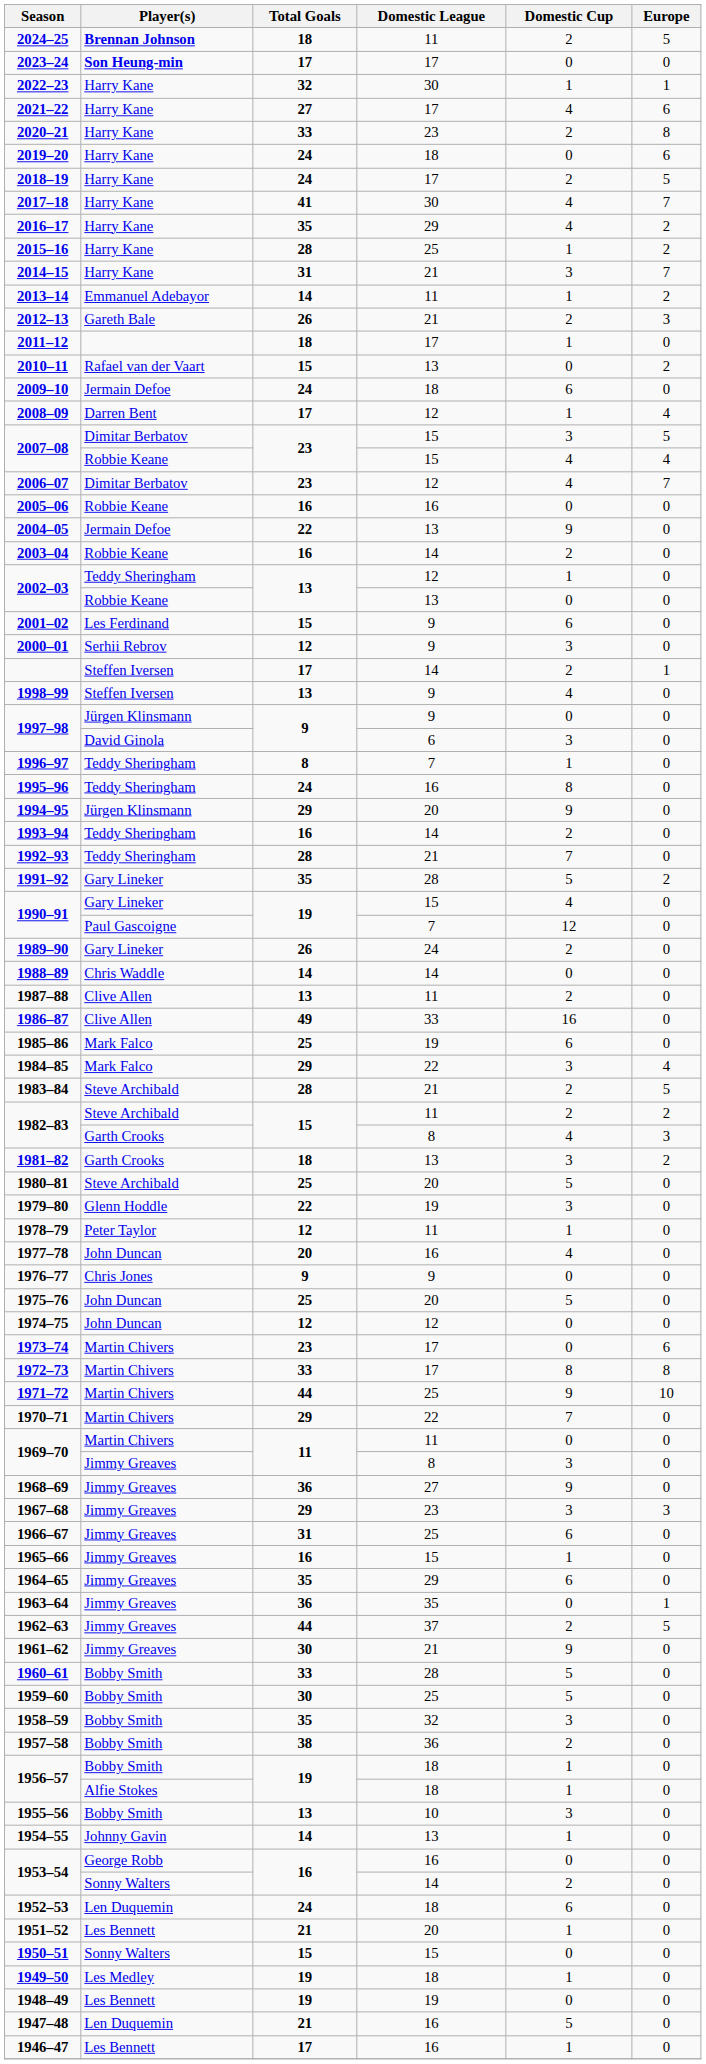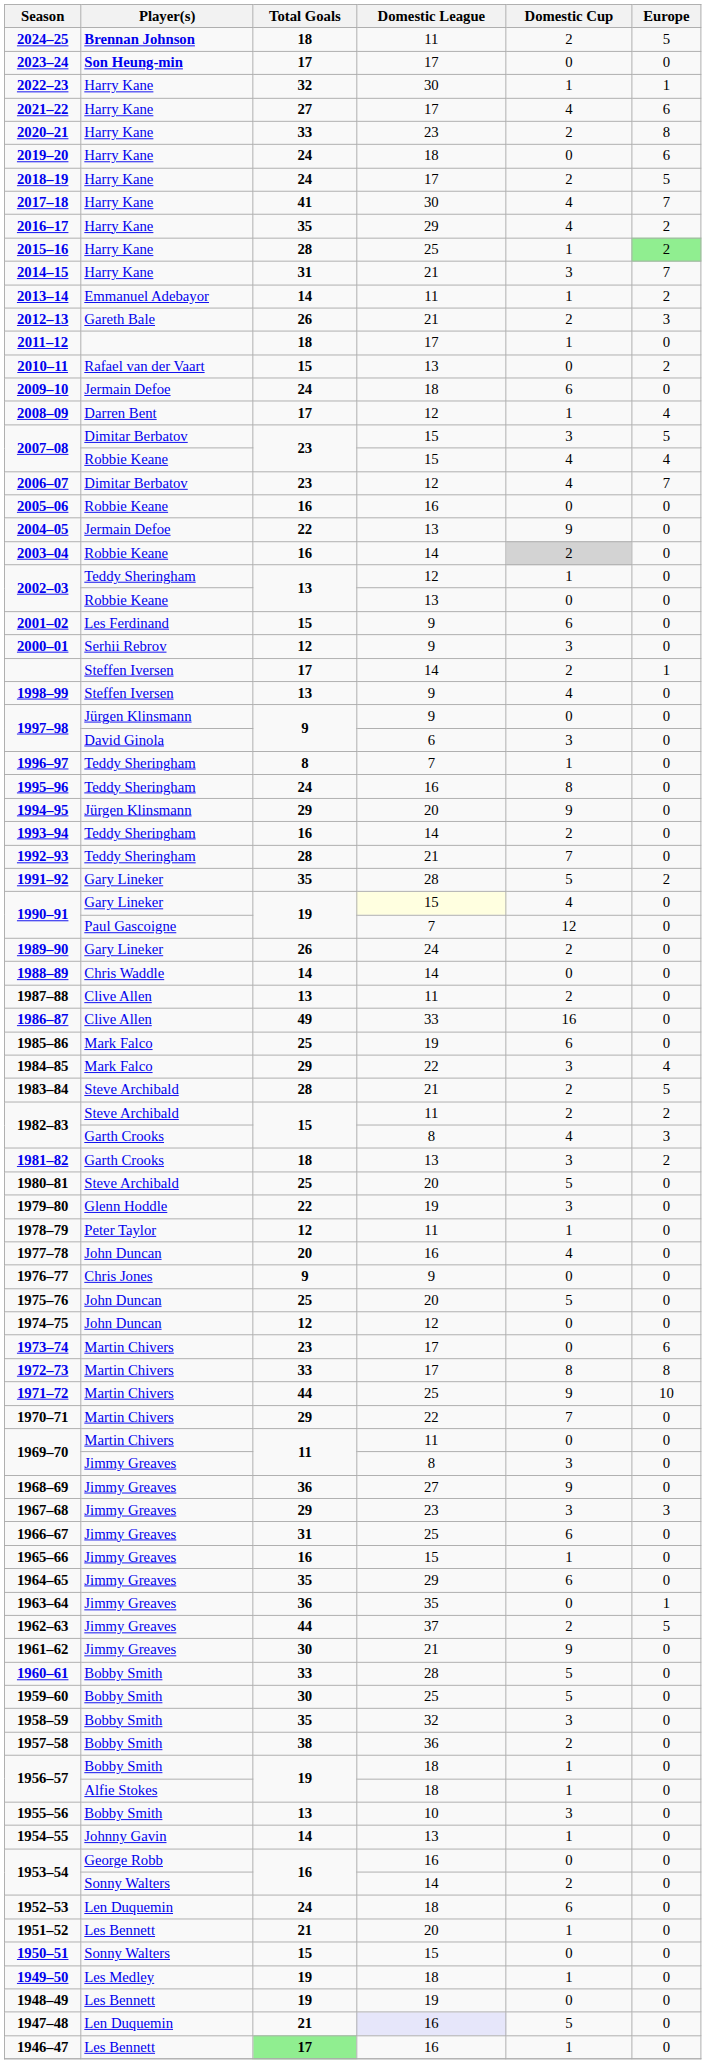 <table class="wikitable sortable" style="width:60%; align:center; text-align:center">
 <tr>
 <th>Season</th>
 <th class="unsortable">Player(s)</th>
 <th>Total Goals</th>
 <th>Domestic League</th>
 <th>Domestic Cup</th>
 <th>Europe</th>
 </tr>
 <tr>
 <td><strong><a href='#'>2024–25</a></strong></td>
 <td align="left"> <strong><a href='#'>Brennan Johnson</a></strong></td>
 <td><strong>18</strong></td>
 <td>11</td>
 <td>2</td>
 <td>5</td>
 </tr>
 <tr>
 <td><strong><a href='#'>2023–24</a></strong></td>
 <td align="left"> <strong><a href='#'>Son Heung-min</a></strong></td>
 <td><strong>17</strong></td>
 <td>17</td>
 <td>0</td>
 <td>0</td>
 </tr>
 <tr>
 <td><strong><a href='#'>2022–23</a></strong></td>
 <td align="left"> <a href='#'>Harry Kane</a></td>
 <td><strong>32</strong></td>
 <td>30</td>
 <td>1</td>
 <td>1</td>
 </tr>
 <tr>
 <td><strong><a href='#'>2021–22</a></strong></td>
 <td align="left"> <a href='#'>Harry Kane</a></td>
 <td><strong>27</strong></td>
 <td>17</td>
 <td>4</td>
 <td>6</td>
 </tr>
 <tr>
 <td><strong><a href='#'>2020–21</a></strong></td>
 <td align="left"> <a href='#'>Harry Kane</a></td>
 <td><strong>33</strong></td>
 <td>23</td>
 <td>2</td>
 <td>8</td>
 </tr>
 <tr>
 <td><strong><a href='#'>2019–20</a></strong></td>
 <td align="left"> <a href='#'>Harry Kane</a></td>
 <td><strong>24</strong></td>
 <td>18</td>
 <td>0</td>
 <td>6</td>
 </tr>
 <tr>
 <td><strong><a href='#'>2018–19</a></strong></td>
 <td align="left"> <a href='#'>Harry Kane</a></td>
 <td><strong>24</strong></td>
 <td>17</td>
 <td>2</td>
 <td>5</td>
 </tr>
 <tr>
 <td><strong><a href='#'>2017–18</a></strong></td>
 <td align="left"> <a href='#'>Harry Kane</a></td>
 <td><strong>41</strong></td>
 <td>30</td>
 <td>4</td>
 <td>7</td>
 </tr>
 <tr>
 <td><strong><a href='#'>2016–17</a></strong></td>
 <td align="left"> <a href='#'>Harry Kane</a></td>
 <td><strong>35</strong></td>
 <td>29</td>
 <td>4</td>
 <td>2</td>
 </tr>
 <tr>
 <td><strong><a href='#'>2015–16</a></strong></td>
 <td align="left"> <a href='#'>Harry Kane</a></td>
 <td><strong>28</strong></td>
 <td>25</td>
 <td>1</td>
-<td>2</td>
+<td style="background: lightgreen;">2</td>
 </tr>
 <tr>
 <td><strong><a href='#'>2014–15</a></strong></td>
 <td align="left"> <a href='#'>Harry Kane</a></td>
 <td><strong>31</strong></td>
 <td>21</td>
 <td>3</td>
 <td>7</td>
 </tr>
 <tr>
 <td><strong><a href='#'>2013–14</a></strong></td>
 <td align="left"> <a href='#'>Emmanuel Adebayor</a></td>
 <td><strong>14</strong></td>
 <td>11</td>
 <td>1</td>
 <td>2</td>
 </tr>
 <tr>
 <td><strong><a href='#'>2012–13</a></strong></td>
 <td align="left"> <a href='#'>Gareth Bale</a></td>
 <td><strong>26</strong></td>
 <td>21</td>
 <td>2</td>
 <td>3</td>
 </tr>
 <tr>
 <td><strong><a href='#'>2011–12</a></strong></td>
 <td align="left"></td>
 <td><strong>18</strong></td>
 <td>17</td>
 <td>1</td>
 <td>0</td>
 </tr>
 <tr>
 <td><strong><a href='#'>2010–11</a></strong></td>
 <td align="left"> <a href='#'>Rafael van der Vaart</a></td>
 <td><strong>15</strong></td>
 <td>13</td>
 <td>0</td>
 <td>2</td>
 </tr>
 <tr>
 <td><strong><a href='#'>2009–10</a></strong></td>
 <td align="left"> <a href='#'>Jermain Defoe</a></td>
 <td><strong>24</strong></td>
 <td>18</td>
 <td>6</td>
 <td>0</td>
 </tr>
 <tr>
 <td><strong><a href='#'>2008–09</a></strong></td>
 <td align="left"> <a href='#'>Darren Bent</a></td>
 <td><strong>17</strong></td>
 <td>12</td>
 <td>1</td>
 <td>4</td>
 </tr>
 <tr>
 <td rowspan=2><strong><a href='#'>2007–08</a></strong></td>
 <td align="left"> <a href='#'>Dimitar Berbatov</a></td>
 <td rowspan=2><strong>23</strong></td>
 <td>15</td>
 <td>3</td>
 <td>5</td>
 </tr>
 <tr>
 <td align="left"> <a href='#'>Robbie Keane</a></td>
 <td>15</td>
 <td>4</td>
 <td>4</td>
 </tr>
 <tr>
 <td><strong><a href='#'>2006–07</a></strong></td>
 <td align="left"> <a href='#'>Dimitar Berbatov</a></td>
 <td><strong>23</strong></td>
 <td>12</td>
 <td>4</td>
 <td>7</td>
 </tr>
 <tr>
 <td><strong><a href='#'>2005–06</a></strong></td>
 <td align="left"> <a href='#'>Robbie Keane</a></td>
 <td><strong>16</strong></td>
 <td>16</td>
 <td>0</td>
 <td>0</td>
 </tr>
 <tr>
 <td><strong><a href='#'>2004–05</a></strong></td>
 <td align="left"> <a href='#'>Jermain Defoe</a></td>
 <td><strong>22</strong></td>
 <td>13</td>
 <td>9</td>
 <td>0</td>
 </tr>
 <tr>
 <td><strong><a href='#'>2003–04</a></strong></td>
 <td align="left"> <a href='#'>Robbie Keane</a></td>
 <td><strong>16</strong></td>
 <td>14</td>
-<td>2</td>
+<td style="background: lightgrey;">2</td>
 <td>0</td>
 </tr>
 <tr>
 <td rowspan=2><strong><a href='#'>2002–03</a></strong></td>
 <td align="left"> <a href='#'>Teddy Sheringham</a></td>
 <td rowspan=2><strong>13</strong></td>
 <td>12</td>
 <td>1</td>
 <td>0</td>
 </tr>
 <tr>
 <td align="left"> <a href='#'>Robbie Keane</a></td>
 <td>13</td>
 <td>0</td>
 <td>0</td>
 </tr>
 <tr>
 <td><strong><a href='#'>2001–02</a></strong></td>
 <td align="left"> <a href='#'>Les Ferdinand</a></td>
 <td><strong>15</strong></td>
 <td>9</td>
 <td>6</td>
 <td>0</td>
 </tr>
 <tr>
 <td><strong><a href='#'>2000–01</a></strong></td>
 <td align="left"> <a href='#'>Serhii Rebrov</a></td>
 <td><strong>12</strong></td>
 <td>9</td>
 <td>3</td>
 <td>0</td>
 </tr>
 <tr>
 <td><strong></strong></td>
 <td align="left"> <a href='#'>Steffen Iversen</a></td>
 <td><strong>17</strong></td>
 <td>14</td>
 <td>2</td>
 <td>1</td>
 </tr>
 <tr>
 <td><strong><a href='#'>1998–99</a></strong></td>
 <td align="left"> <a href='#'>Steffen Iversen</a></td>
 <td><strong>13</strong></td>
 <td>9</td>
 <td>4</td>
 <td>0</td>
 </tr>
 <tr>
 <td rowspan=2><strong><a href='#'>1997–98</a></strong></td>
 <td align="left"> <a href='#'>Jürgen Klinsmann</a></td>
 <td rowspan=2><strong>9</strong></td>
 <td>9</td>
 <td>0</td>
 <td>0</td>
 </tr>
 <tr>
 <td align="left"> <a href='#'>David Ginola</a></td>
 <td>6</td>
 <td>3</td>
 <td>0</td>
 </tr>
 <tr>
 <td><strong><a href='#'>1996–97</a></strong></td>
 <td align="left"> <a href='#'>Teddy Sheringham</a></td>
 <td><strong>8</strong></td>
 <td>7</td>
 <td>1</td>
 <td>0</td>
 </tr>
 <tr>
 <td><strong><a href='#'>1995–96</a></strong></td>
 <td align="left"> <a href='#'>Teddy Sheringham</a></td>
 <td><strong>24</strong></td>
 <td>16</td>
 <td>8</td>
 <td>0</td>
 </tr>
 <tr>
 <td><strong><a href='#'>1994–95</a></strong></td>
 <td align="left"> <a href='#'>Jürgen Klinsmann</a></td>
 <td><strong>29</strong></td>
 <td>20</td>
 <td>9</td>
 <td>0</td>
 </tr>
 <tr>
 <td><strong><a href='#'>1993–94</a></strong></td>
 <td align="left"> <a href='#'>Teddy Sheringham</a></td>
 <td><strong>16</strong></td>
 <td>14</td>
 <td>2</td>
 <td>0</td>
 </tr>
 <tr>
 <td><strong><a href='#'>1992–93</a></strong></td>
 <td align="left"> <a href='#'>Teddy Sheringham</a></td>
 <td><strong>28</strong></td>
 <td>21</td>
 <td>7</td>
 <td>0</td>
 </tr>
 <tr>
 <td><strong><a href='#'>1991–92</a></strong></td>
 <td align="left"> <a href='#'>Gary Lineker</a></td>
 <td><strong>35</strong></td>
 <td>28</td>
 <td>5</td>
 <td>2</td>
 </tr>
 <tr>
 <td rowspan=2><strong><a href='#'>1990–91</a></strong></td>
 <td align="left"> <a href='#'>Gary Lineker</a></td>
 <td rowspan=2><strong>19</strong></td>
-<td>15</td>
+<td style="background: lightyellow;">15</td>
 <td>4</td>
 <td>0</td>
 </tr>
 <tr>
 <td align="left"> <a href='#'>Paul Gascoigne</a></td>
 <td>7</td>
 <td>12</td>
 <td>0</td>
 </tr>
 <tr>
 <td><strong><a href='#'>1989–90</a></strong></td>
 <td align="left"> <a href='#'>Gary Lineker</a></td>
 <td><strong>26</strong></td>
 <td>24</td>
 <td>2</td>
 <td>0</td>
 </tr>
 <tr>
 <td><strong><a href='#'>1988–89</a></strong></td>
 <td align="left"> <a href='#'>Chris Waddle</a></td>
 <td><strong>14</strong></td>
 <td>14</td>
 <td>0</td>
 <td>0</td>
 </tr>
 <tr>
 <td><strong>1987–88</strong></td>
 <td align="left"> <a href='#'>Clive Allen</a></td>
 <td><strong>13</strong></td>
 <td>11</td>
 <td>2</td>
 <td>0</td>
 </tr>
 <tr>
 <td><strong><a href='#'>1986–87</a></strong></td>
 <td align="left"> <a href='#'>Clive Allen</a></td>
 <td><strong>49</strong></td>
 <td>33</td>
 <td>16</td>
 <td>0</td>
 </tr>
 <tr>
 <td><strong>1985–86</strong></td>
 <td align="left"> <a href='#'>Mark Falco</a></td>
 <td><strong>25</strong></td>
 <td>19</td>
 <td>6</td>
 <td>0</td>
 </tr>
 <tr>
 <td><strong>1984–85</strong></td>
 <td align="left"> <a href='#'>Mark Falco</a></td>
 <td><strong>29</strong></td>
 <td>22</td>
 <td>3</td>
 <td>4</td>
 </tr>
 <tr>
 <td><strong>1983–84</strong></td>
 <td align="left"> <a href='#'>Steve Archibald</a></td>
 <td><strong>28</strong></td>
 <td>21</td>
 <td>2</td>
 <td>5</td>
 </tr>
 <tr>
 <td rowspan=2><strong>1982–83</strong></td>
 <td align="left"> <a href='#'>Steve Archibald</a></td>
 <td rowspan=2><strong>15</strong></td>
 <td>11</td>
 <td>2</td>
 <td>2</td>
 </tr>
 <tr>
 <td align="left"> <a href='#'>Garth Crooks</a></td>
 <td>8</td>
 <td>4</td>
 <td>3</td>
 </tr>
 <tr>
 <td><strong><a href='#'>1981–82</a></strong></td>
 <td align="left"> <a href='#'>Garth Crooks</a></td>
 <td><strong>18</strong></td>
 <td>13</td>
 <td>3</td>
 <td>2</td>
 </tr>
 <tr>
 <td><strong>1980–81</strong></td>
 <td align="left"> <a href='#'>Steve Archibald</a></td>
 <td><strong>25</strong></td>
 <td>20</td>
 <td>5</td>
 <td>0</td>
 </tr>
 <tr>
 <td><strong>1979–80</strong></td>
 <td align="left"> <a href='#'>Glenn Hoddle</a></td>
 <td><strong>22</strong></td>
 <td>19</td>
 <td>3</td>
 <td>0</td>
 </tr>
 <tr>
 <td><strong>1978–79</strong></td>
 <td align="left"> <a href='#'>Peter Taylor</a></td>
 <td><strong>12</strong></td>
 <td>11</td>
 <td>1</td>
 <td>0</td>
 </tr>
 <tr>
 <td><strong>1977–78</strong></td>
 <td align="left"> <a href='#'>John Duncan</a></td>
 <td><strong>20</strong></td>
 <td>16</td>
 <td>4</td>
 <td>0</td>
 </tr>
 <tr>
 <td><strong>1976–77</strong></td>
 <td align="left"> <a href='#'>Chris Jones</a></td>
 <td><strong>9</strong></td>
 <td>9</td>
 <td>0</td>
 <td>0</td>
 </tr>
 <tr>
 <td><strong>1975–76</strong></td>
 <td align="left"> <a href='#'>John Duncan</a></td>
 <td><strong>25</strong></td>
 <td>20</td>
 <td>5</td>
 <td>0</td>
 </tr>
 <tr>
 <td><strong>1974–75</strong></td>
 <td align="left"> <a href='#'>John Duncan</a></td>
 <td><strong>12</strong></td>
 <td>12</td>
 <td>0</td>
 <td>0</td>
 </tr>
 <tr>
 <td><strong><a href='#'>1973–74</a></strong></td>
 <td align="left"> <a href='#'>Martin Chivers</a></td>
 <td><strong>23</strong></td>
 <td>17</td>
 <td>0</td>
 <td>6</td>
 </tr>
 <tr>
 <td><strong><a href='#'>1972–73</a></strong></td>
 <td align="left"> <a href='#'>Martin Chivers</a></td>
 <td><strong>33</strong></td>
 <td>17</td>
 <td>8</td>
 <td>8</td>
 </tr>
 <tr>
 <td><strong><a href='#'>1971–72</a></strong></td>
 <td align="left"> <a href='#'>Martin Chivers</a></td>
 <td><strong>44</strong></td>
 <td>25</td>
 <td>9</td>
 <td>10</td>
 </tr>
 <tr>
 <td><strong>1970–71</strong></td>
 <td align="left"> <a href='#'>Martin Chivers</a></td>
 <td><strong>29</strong></td>
 <td>22</td>
 <td>7</td>
 <td>0</td>
 </tr>
 <tr>
 <td rowspan=2><strong>1969–70</strong></td>
 <td align="left"> <a href='#'>Martin Chivers</a></td>
 <td rowspan=2><strong>11</strong></td>
 <td>11</td>
 <td>0</td>
 <td>0</td>
 </tr>
 <tr>
 <td align="left"> <a href='#'>Jimmy Greaves</a></td>
 <td>8</td>
 <td>3</td>
 <td>0</td>
 </tr>
 <tr>
 <td><strong>1968–69</strong></td>
 <td align="left"> <a href='#'>Jimmy Greaves</a></td>
 <td><strong>36</strong></td>
 <td>27</td>
 <td>9</td>
 <td>0</td>
 </tr>
 <tr>
 <td><strong>1967–68</strong></td>
 <td align="left"> <a href='#'>Jimmy Greaves</a></td>
 <td><strong>29</strong></td>
 <td>23</td>
 <td>3</td>
 <td>3</td>
 </tr>
 <tr>
 <td><strong>1966–67</strong></td>
 <td align="left"> <a href='#'>Jimmy Greaves</a></td>
 <td><strong>31</strong></td>
 <td>25</td>
 <td>6</td>
 <td>0</td>
 </tr>
 <tr>
 <td><strong>1965–66</strong></td>
 <td align="left"> <a href='#'>Jimmy Greaves</a></td>
 <td><strong>16</strong></td>
 <td>15</td>
 <td>1</td>
 <td>0</td>
 </tr>
 <tr>
 <td><strong>1964–65</strong></td>
 <td align="left"> <a href='#'>Jimmy Greaves</a></td>
 <td><strong>35</strong></td>
 <td>29</td>
 <td>6</td>
 <td>0</td>
 </tr>
 <tr>
 <td><strong>1963–64</strong></td>
 <td align="left"> <a href='#'>Jimmy Greaves</a></td>
 <td><strong>36</strong></td>
 <td>35</td>
 <td>0</td>
 <td>1</td>
 </tr>
 <tr>
 <td><strong>1962–63</strong></td>
 <td align="left"> <a href='#'>Jimmy Greaves</a></td>
 <td><strong>44</strong></td>
 <td>37</td>
 <td>2</td>
 <td>5</td>
 </tr>
 <tr>
 <td><strong>1961–62</strong></td>
 <td align="left"> <a href='#'>Jimmy Greaves</a></td>
 <td><strong>30</strong></td>
 <td>21</td>
 <td>9</td>
 <td>0</td>
 </tr>
 <tr>
 <td><strong><a href='#'>1960–61</a></strong></td>
 <td align="left"> <a href='#'>Bobby Smith</a></td>
 <td><strong>33</strong></td>
 <td>28</td>
 <td>5</td>
 <td>0</td>
 </tr>
 <tr>
 <td><strong>1959–60</strong></td>
 <td align="left"> <a href='#'>Bobby Smith</a></td>
 <td><strong>30</strong></td>
 <td>25</td>
 <td>5</td>
 <td>0</td>
 </tr>
 <tr>
 <td><strong>1958–59</strong></td>
 <td align="left"> <a href='#'>Bobby Smith</a></td>
 <td><strong>35</strong></td>
 <td>32</td>
 <td>3</td>
 <td>0</td>
 </tr>
 <tr>
 <td><strong>1957–58</strong></td>
 <td align="left"> <a href='#'>Bobby Smith</a></td>
 <td><strong>38</strong></td>
 <td>36</td>
 <td>2</td>
 <td>0</td>
 </tr>
 <tr>
 <td rowspan=2><strong>1956–57</strong></td>
 <td align="left"> <a href='#'>Bobby Smith</a></td>
 <td rowspan=2><strong>19</strong></td>
 <td>18</td>
 <td>1</td>
 <td>0</td>
 </tr>
 <tr>
 <td align="left"> <a href='#'>Alfie Stokes</a></td>
 <td>18</td>
 <td>1</td>
 <td>0</td>
 </tr>
 <tr>
 <td><strong>1955–56</strong></td>
 <td align="left"> <a href='#'>Bobby Smith</a></td>
 <td><strong>13</strong></td>
 <td>10</td>
 <td>3</td>
 <td>0</td>
 </tr>
 <tr>
 <td><strong>1954–55</strong></td>
 <td align="left"> <a href='#'>Johnny Gavin</a></td>
 <td><strong>14</strong></td>
 <td>13</td>
 <td>1</td>
 <td>0</td>
 </tr>
 <tr>
 <td rowspan=2><strong>1953–54</strong></td>
 <td align="left"> <a href='#'>George Robb</a></td>
 <td rowspan=2><strong>16</strong></td>
 <td>16</td>
 <td>0</td>
 <td>0</td>
 </tr>
 <tr>
 <td align="left"> <a href='#'>Sonny Walters</a></td>
 <td>14</td>
 <td>2</td>
 <td>0</td>
 </tr>
 <tr>
 <td><strong>1952–53</strong></td>
 <td align="left"> <a href='#'>Len Duquemin</a></td>
 <td><strong>24</strong></td>
 <td>18</td>
 <td>6</td>
 <td>0</td>
 </tr>
 <tr>
 <td><strong>1951–52</strong></td>
 <td align="left"> <a href='#'>Les Bennett</a></td>
 <td><strong>21</strong></td>
 <td>20</td>
 <td>1</td>
 <td>0</td>
 </tr>
 <tr>
 <td><strong><a href='#'>1950–51</a></strong></td>
 <td align="left"> <a href='#'>Sonny Walters</a></td>
 <td><strong>15</strong></td>
 <td>15</td>
 <td>0</td>
 <td>0</td>
 </tr>
 <tr>
 <td><strong><a href='#'>1949–50</a></strong></td>
 <td align="left"> <a href='#'>Les Medley</a></td>
 <td><strong>19</strong></td>
 <td>18</td>
 <td>1</td>
 <td>0</td>
 </tr>
 <tr>
 <td><strong>1948–49</strong></td>
 <td align="left"> <a href='#'>Les Bennett</a></td>
 <td><strong>19</strong></td>
 <td>19</td>
 <td>0</td>
 <td>0</td>
 </tr>
 <tr>
 <td><strong>1947–48</strong></td>
 <td align="left"> <a href='#'>Len Duquemin</a></td>
 <td><strong>21</strong></td>
-<td>16</td>
+<td style="background: lavender;">16</td>
 <td>5</td>
 <td>0</td>
 </tr>
 <tr>
 <td><strong>1946–47</strong></td>
 <td align="left"> <a href='#'>Les Bennett</a></td>
-<td><strong>17</strong></td>
+<td style="background: lightgreen;"><strong>17</strong></td>
 <td>16</td>
 <td>1</td>
 <td>0</td>
 </tr>
 <tr>
 </tr>
 </table>
